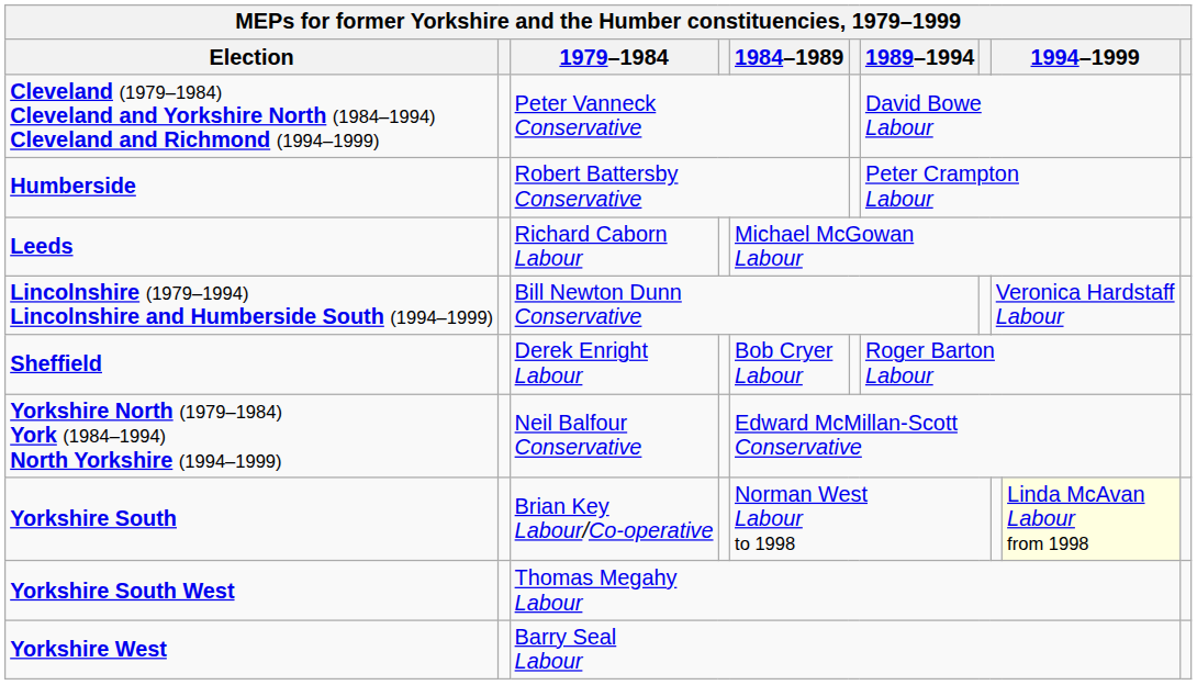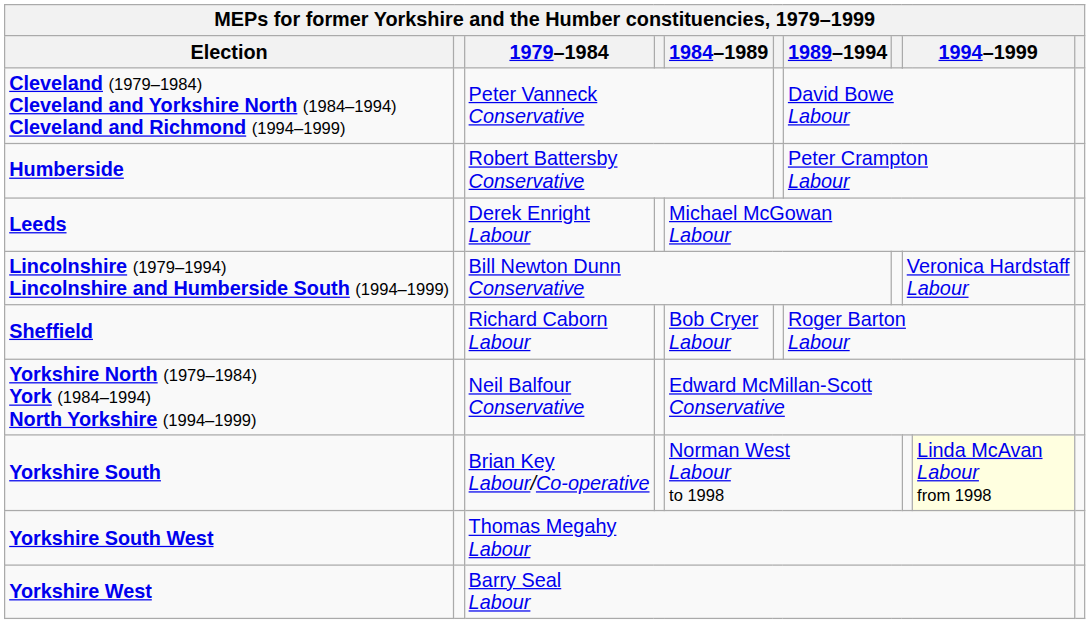 <table class="wikitable">
 <tr>
 <th colspan = 12>MEPs for former Yorkshire and the Humber constituencies, 1979–1999</th>
 </tr>
 <tr>
 <th>Election</th>
 <th style="width:1px;"></th>
 <th><a href='#'>1979</a>–1984</th>
 <th style="width:1px;"></th>
 <th><a href='#'>1984</a>–1989</th>
 <th style="width:1px;"></th>
 <th><a href='#'>1989</a>–1994</th>
 <th style="width:1px;"></th>
 <th colspan = 3><a href='#'>1994</a>–1999</th>
 <th style="width:1px;"></th>
 </tr>
 <tr>
 <td><strong><a href='#'>Cleveland</a></strong> <small>(1979–1984)</small><br><strong><a href='#'>Cleveland and Yorkshire North</a></strong> <small>(1984–1994)</small><br><strong><a href='#'>Cleveland and Richmond</a></strong> <small>(1994–1999)</small></td>
 <td width=1px style="background-color: "></td>
 <td colspan = 3><a href='#'>Peter Vanneck</a><br><em><a href='#'>Conservative</a></em></td>
 <td width=1px style="background-color: "></td>
 <td colspan = 5><a href='#'>David Bowe</a><br><em><a href='#'>Labour</a></em></td>
 <td width=1px style="background-color: "></td>
 </tr>
 <tr>
 <td><strong><a href='#'>Humberside</a></strong></td>
 <td width=1px style="background-color: "></td>
 <td colspan = 3><a href='#'>Robert Battersby</a><br><em><a href='#'>Conservative</a></em></td>
 <td width=1px style="background-color: "></td>
 <td colspan = 5><a href='#'>Peter Crampton</a><br><em><a href='#'>Labour</a></em></td>
 <td width=1px style="background-color: "></td>
 </tr>
 <tr>
 <td><strong><a href='#'>Leeds</a></strong></td>
 <td width=1px style="background-color: "></td>
-<td><a href='#'>Richard Caborn</a><br><em><a href='#'>Labour</a></em></td>
+<td><a href='#'>Derek Enright</a><br><em><a href='#'>Labour</a></em></td>
 <td width=1px style="background-color: "></td>
 <td colspan = 7><a href='#'>Michael McGowan</a><br><em><a href='#'>Labour</a></em></td>
 <td width=1px style="background-color: "></td>
 </tr>
 <tr>
 <td><strong><a href='#'>Lincolnshire</a></strong> <small>(1979–1994)</small><br><strong><a href='#'>Lincolnshire and Humberside South</a></strong> <small>(1994–1999)</small></td>
 <td width=1px style="background-color: "></td>
 <td colspan = 5><a href='#'>Bill Newton Dunn</a><br><em><a href='#'>Conservative</a></em></td>
 <td width=1px style="background-color: "></td>
 <td colspan = 3><a href='#'>Veronica Hardstaff</a><br><em><a href='#'>Labour</a></em></td>
 <td width=1px style="background-color: "></td>
 </tr>
 <tr>
 <td><strong><a href='#'>Sheffield</a></strong></td>
 <td width=1px style="background-color: "></td>
-<td><a href='#'>Derek Enright</a><br><em><a href='#'>Labour</a></em></td>
+<td><a href='#'>Richard Caborn</a><br><em><a href='#'>Labour</a></em></td>
 <td width=1px style="background-color: "></td>
 <td><a href='#'>Bob Cryer</a><br><em><a href='#'>Labour</a></em></td>
 <td width=1px style="background-color: "></td>
 <td colspan = 5><a href='#'>Roger Barton</a><br><em><a href='#'>Labour</a></em></td>
 <td width=1px style="background-color: "></td>
 </tr>
 <tr>
 <td><strong><a href='#'>Yorkshire North</a></strong> <small>(1979–1984)</small><br><strong><a href='#'>York</a></strong> <small>(1984–1994)</small><br><strong><a href='#'>North Yorkshire</a></strong> <small>(1994–1999)</small></td>
 <td width=1px style="background-color: "></td>
 <td><a href='#'>Neil Balfour</a><br><em><a href='#'>Conservative</a></em></td>
 <td width=1px style="background-color: "></td>
 <td colspan = 7><a href='#'>Edward McMillan-Scott</a><br><em><a href='#'>Conservative</a></em></td>
 <td width=1px style="background-color: "></td>
 </tr>
 <tr>
 <td><strong><a href='#'>Yorkshire South</a></strong></td>
 <td width=1px style="background-color: "></td>
 <td><a href='#'>Brian Key</a><br><em><a href='#'>Labour</a>/<a href='#'>Co-operative</a></em></td>
 <td width=1px style="background-color: "></td>
 <td colspan = 5><a href='#'>Norman West</a><br><em><a href='#'>Labour</a></em><br><small>to 1998</small></td>
 <td width=1px style="background-color: "></td>
 <td style="background: lightyellow;"><a href='#'>Linda McAvan</a><br><em><a href='#'>Labour</a></em><br><small>from 1998</small></td>
 <td width=1px style="background-color: "></td>
 </tr>
 <tr>
 <td><strong><a href='#'>Yorkshire South West</a></strong></td>
 <td width=1px style="background-color: "></td>
 <td colspan = 9><a href='#'>Thomas Megahy</a><br><em><a href='#'>Labour</a></em></td>
 <td width=1px style="background-color: "></td>
 </tr>
 <tr>
 <td><strong><a href='#'>Yorkshire West</a></strong></td>
 <td width=1px style="background-color: "></td>
 <td colspan = 9><a href='#'>Barry Seal</a><br><em><a href='#'>Labour</a></em></td>
 <td width=1px style="background-color: "></td>
 </tr>
 </table>
